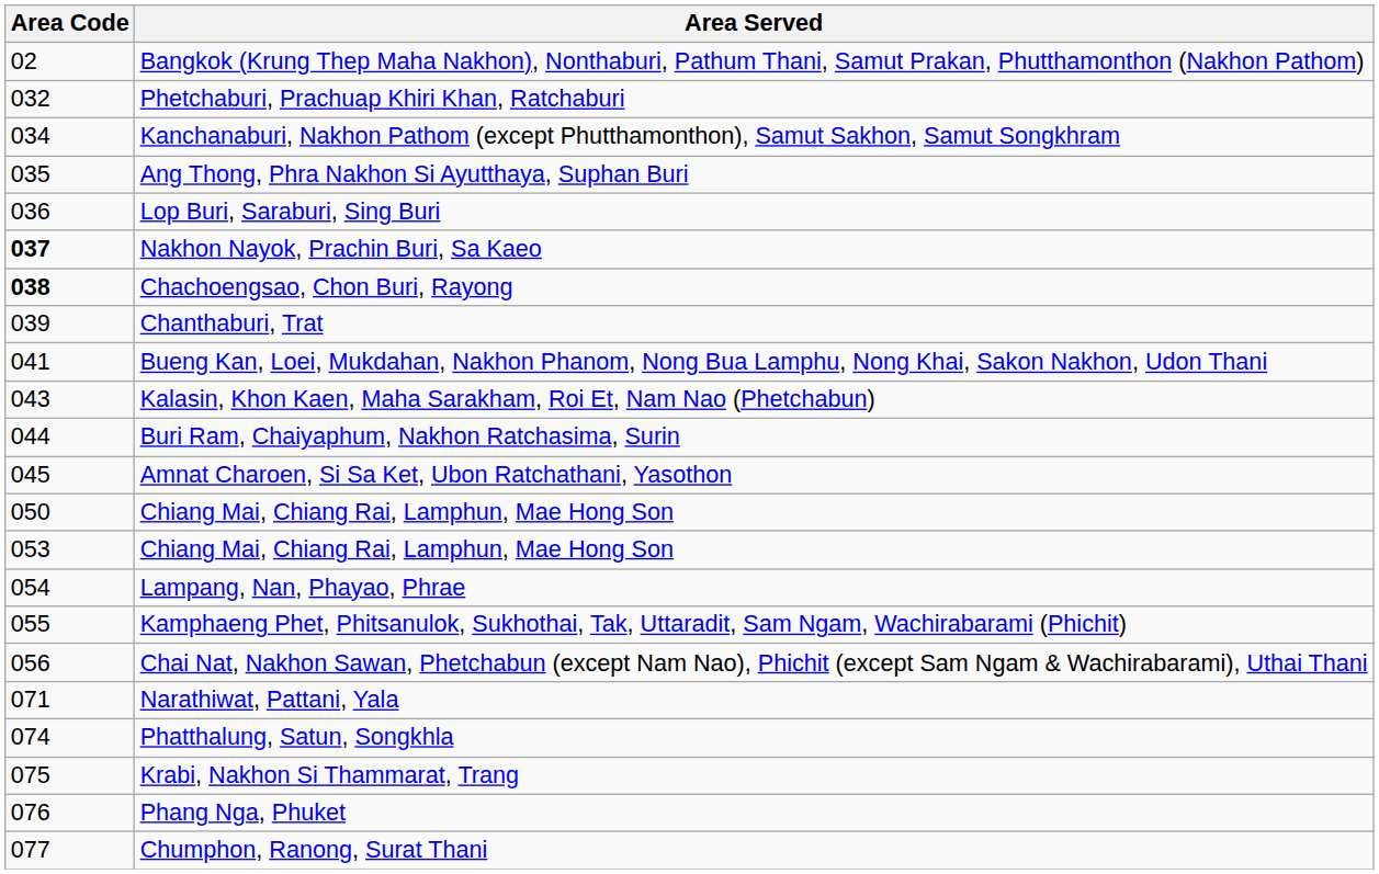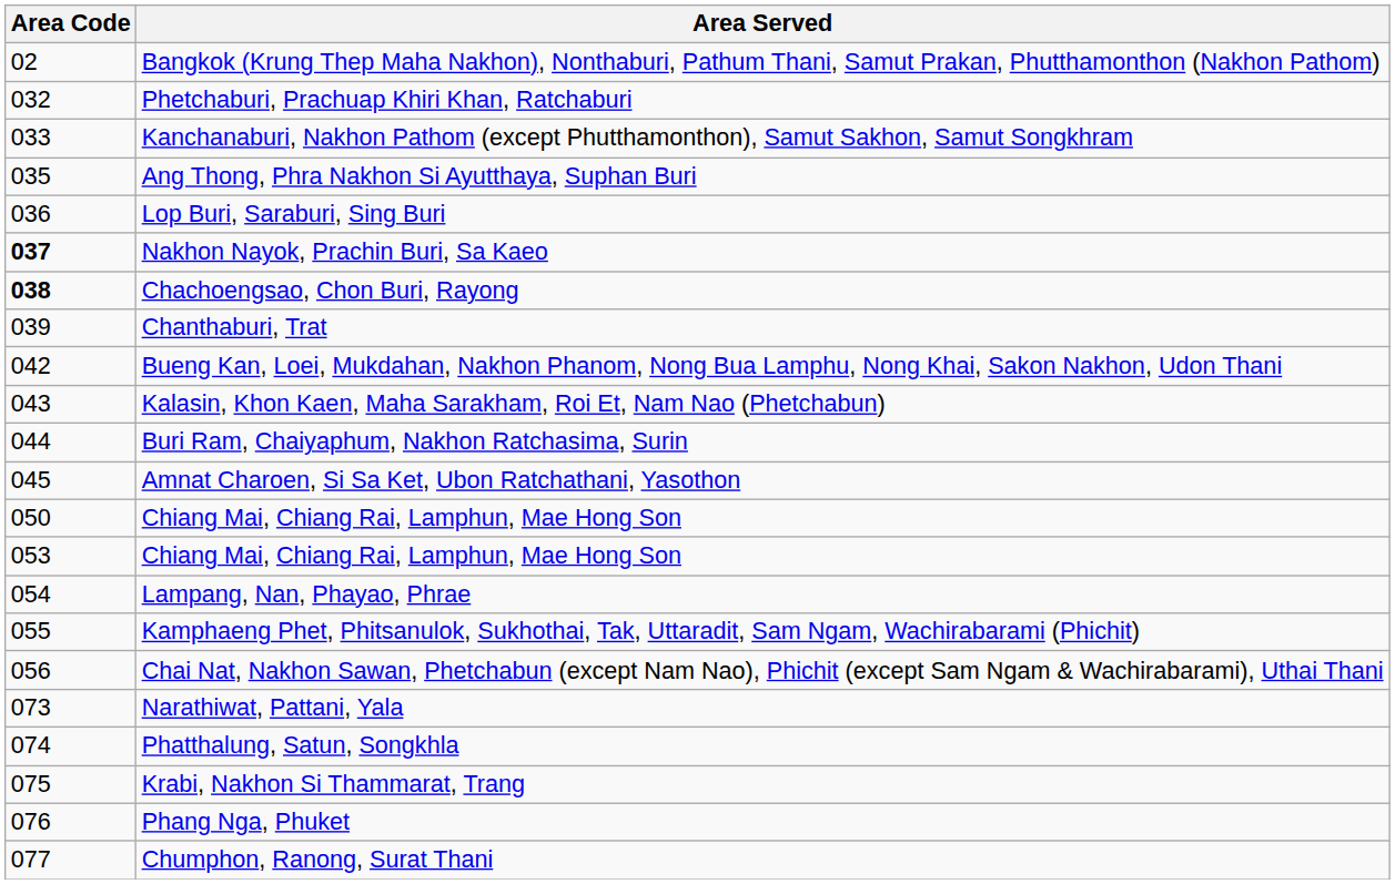 <table class="wikitable">
 <tr>
 <th>Area Code</th>
 <th>Area Served</th>
 </tr>
 <tr>
 <td>02</td>
 <td><a href='#'>Bangkok (Krung Thep Maha Nakhon)</a>, <a href='#'>Nonthaburi</a>, <a href='#'>Pathum Thani</a>, <a href='#'>Samut Prakan</a>, <a href='#'>Phutthamonthon</a> (<a href='#'>Nakhon Pathom</a>)</td>
 </tr>
 <tr>
 <td>032</td>
 <td><a href='#'>Phetchaburi</a>, <a href='#'>Prachuap Khiri Khan</a>, <a href='#'>Ratchaburi</a></td>
 </tr>
 <tr>
-<td>034</td>
+<td>033</td>
 <td><a href='#'>Kanchanaburi</a>, <a href='#'>Nakhon Pathom</a> (except Phutthamonthon), <a href='#'>Samut Sakhon</a>, <a href='#'>Samut Songkhram</a></td>
 </tr>
 <tr>
 <td>035</td>
 <td><a href='#'>Ang Thong</a>, <a href='#'>Phra Nakhon Si Ayutthaya</a>, <a href='#'>Suphan Buri</a></td>
 </tr>
 <tr>
 <td>036</td>
 <td><a href='#'>Lop Buri</a>, <a href='#'>Saraburi</a>, <a href='#'>Sing Buri</a></td>
 </tr>
 <tr>
 <td><strong>037</strong></td>
 <td><a href='#'>Nakhon Nayok</a>, <a href='#'>Prachin Buri</a>,  <a href='#'>Sa Kaeo</a></td>
 </tr>
 <tr>
 <td><strong>038</strong></td>
 <td><a href='#'>Chachoengsao</a>, <a href='#'>Chon Buri</a>, <a href='#'>Rayong</a></td>
 </tr>
 <tr>
 <td>039</td>
 <td><a href='#'>Chanthaburi</a>, <a href='#'>Trat</a></td>
 </tr>
 <tr>
-<td>041</td>
+<td>042</td>
 <td><a href='#'>Bueng Kan</a>, <a href='#'>Loei</a>, <a href='#'>Mukdahan</a>, <a href='#'>Nakhon Phanom</a>, <a href='#'>Nong Bua Lamphu</a>, <a href='#'>Nong Khai</a>, <a href='#'>Sakon Nakhon</a>, <a href='#'>Udon Thani</a></td>
 </tr>
 <tr>
 <td>043</td>
 <td><a href='#'>Kalasin</a>, <a href='#'>Khon Kaen</a>, <a href='#'>Maha Sarakham</a>, <a href='#'>Roi Et</a>, <a href='#'>Nam Nao</a> (<a href='#'>Phetchabun</a>)</td>
 </tr>
 <tr>
 <td>044</td>
 <td><a href='#'>Buri Ram</a>, <a href='#'>Chaiyaphum</a>, <a href='#'>Nakhon Ratchasima</a>, <a href='#'>Surin</a></td>
 </tr>
 <tr>
 <td>045</td>
 <td><a href='#'>Amnat Charoen</a>, <a href='#'>Si Sa Ket</a>, <a href='#'>Ubon Ratchathani</a>, <a href='#'>Yasothon</a></td>
 </tr>
 <tr>
 <td>050</td>
 <td><a href='#'>Chiang Mai</a>, <a href='#'>Chiang Rai</a>, <a href='#'>Lamphun</a>, <a href='#'>Mae Hong Son</a></td>
 </tr>
 <tr>
 <td>053</td>
 <td><a href='#'>Chiang Mai</a>, <a href='#'>Chiang Rai</a>, <a href='#'>Lamphun</a>, <a href='#'>Mae Hong Son</a></td>
 </tr>
 <tr>
 <td>054</td>
 <td><a href='#'>Lampang</a>, <a href='#'>Nan</a>, <a href='#'>Phayao</a>, <a href='#'>Phrae</a></td>
 </tr>
 <tr>
 <td>055</td>
 <td><a href='#'>Kamphaeng Phet</a>, <a href='#'>Phitsanulok</a>, <a href='#'>Sukhothai</a>, <a href='#'>Tak</a>, <a href='#'>Uttaradit</a>, <a href='#'>Sam Ngam</a>, <a href='#'>Wachirabarami</a> (<a href='#'>Phichit</a>)</td>
 </tr>
 <tr>
 <td>056</td>
 <td><a href='#'>Chai Nat</a>, <a href='#'>Nakhon Sawan</a>, <a href='#'>Phetchabun</a> (except Nam Nao), <a href='#'>Phichit</a> (except Sam Ngam & Wachirabarami), <a href='#'>Uthai Thani</a></td>
 </tr>
 <tr>
-<td>071</td>
+<td>073</td>
 <td><a href='#'>Narathiwat</a>, <a href='#'>Pattani</a>, <a href='#'>Yala</a></td>
 </tr>
 <tr>
 <td>074</td>
 <td><a href='#'>Phatthalung</a>, <a href='#'>Satun</a>, <a href='#'>Songkhla</a></td>
 </tr>
 <tr>
 <td>075</td>
 <td><a href='#'>Krabi</a>, <a href='#'>Nakhon Si Thammarat</a>, <a href='#'>Trang</a></td>
 </tr>
 <tr>
 <td>076</td>
 <td><a href='#'>Phang Nga</a>, <a href='#'>Phuket</a></td>
 </tr>
 <tr>
 <td>077</td>
 <td><a href='#'>Chumphon</a>, <a href='#'>Ranong</a>, <a href='#'>Surat Thani</a></td>
 </tr>
 </table>
